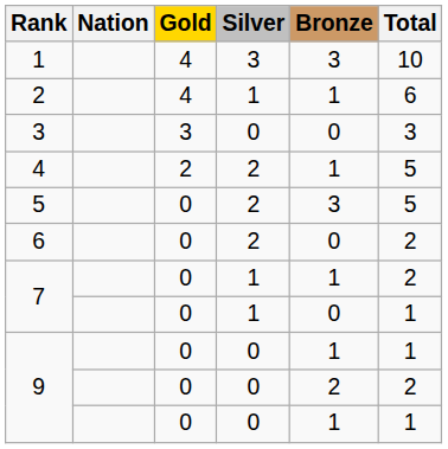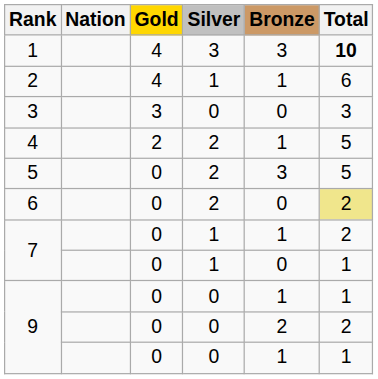 <table class="wikitable sortable" style="text-align:center">
 <tr>
 <th>Rank</th>
 <th>Nation</th>
 <th style="background-color:gold">Gold</th>
 <th style="background-color:silver">Silver</th>
 <th style="background-color:#cc9966">Bronze</th>
 <th>Total</th>
 </tr>
 <tr>
 <td>1</td>
 <td align=left></td>
 <td>4</td>
 <td>3</td>
 <td>3</td>
-<td>10</td>
+<td><strong>10</strong></td>
 </tr>
 <tr>
 <td>2</td>
 <td align=left></td>
 <td>4</td>
 <td>1</td>
 <td>1</td>
 <td>6</td>
 </tr>
 <tr>
 <td>3</td>
 <td align=left></td>
 <td>3</td>
 <td>0</td>
 <td>0</td>
 <td>3</td>
 </tr>
 <tr>
 <td>4</td>
 <td align=left></td>
 <td>2</td>
 <td>2</td>
 <td>1</td>
 <td>5</td>
 </tr>
 <tr>
 <td>5</td>
 <td align=left></td>
 <td>0</td>
 <td>2</td>
 <td>3</td>
 <td>5</td>
 </tr>
 <tr>
 <td>6</td>
 <td align=left></td>
 <td>0</td>
 <td>2</td>
 <td>0</td>
-<td>2</td>
+<td style="background: khaki;">2</td>
 </tr>
 <tr>
 <td rowspan=2>7</td>
 <td align=left></td>
 <td>0</td>
 <td>1</td>
 <td>1</td>
 <td>2</td>
 </tr>
 <tr>
 <td align=left></td>
 <td>0</td>
 <td>1</td>
 <td>0</td>
 <td>1</td>
 </tr>
 <tr>
 <td rowspan=3>9</td>
 <td align=left></td>
 <td>0</td>
 <td>0</td>
 <td>1</td>
 <td>1</td>
 </tr>
 <tr>
 <td align=left></td>
 <td>0</td>
 <td>0</td>
 <td>2</td>
 <td>2</td>
 </tr>
 <tr>
 <td align=left></td>
 <td>0</td>
 <td>0</td>
 <td>1</td>
 <td>1</td>
 </tr>
 </table>
